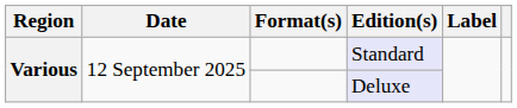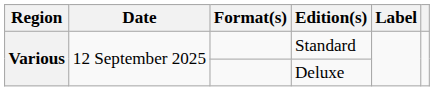 <table class="wikitable plainrowheaders">
 <tr>
 <th scope="col">Region</th>
 <th scope="col">Date</th>
 <th scope="col">Format(s)</th>
 <th scope="col">Edition(s)</th>
 <th scope="col">Label</th>
 <th scope="col"></th>
 </tr>
 <tr>
 <th scope="row" rowspan="2">Various</th>
 <td rowspan="2">12 September 2025</td>
 <td></td>
-<td style="background: lavender;">Standard</td>
+<td>Standard</td>
 <td rowspan="2"></td>
 <td rowspan="2"></td>
 </tr>
 <tr>
 <td></td>
-<td style="background: lavender;">Deluxe</td>
+<td>Deluxe</td>
 </tr>
 </table>
